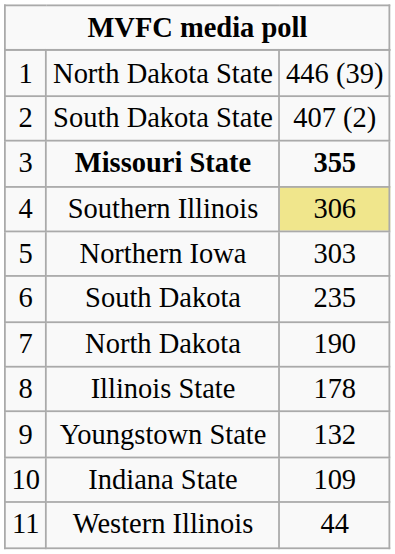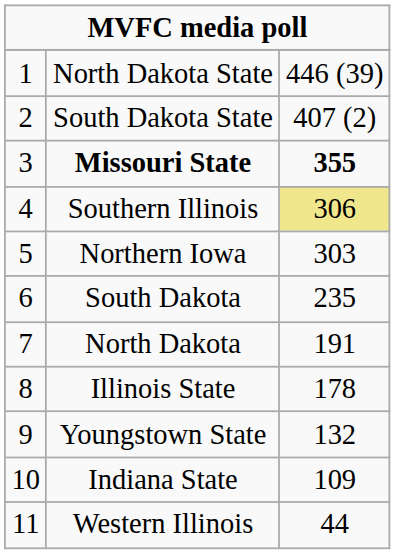 <table class="wikitable" style="display: inline-table;">
 <tr>
 <td align="center" Colspan="3"><strong>MVFC media poll</strong></td>
 </tr>
 <tr align="center">
 </tr>
 <tr align="center">
 <td>1</td>
 <td>North Dakota State</td>
 <td>446 (39)</td>
 </tr>
 <tr align="center">
 <td>2</td>
 <td>South Dakota State</td>
 <td>407 (2)</td>
 </tr>
 <tr align="center">
 <td>3</td>
 <td><strong>Missouri State</strong></td>
 <td><strong>355</strong></td>
 </tr>
 <tr align="center">
 <td>4</td>
 <td>Southern Illinois</td>
 <td style="background: khaki;">306</td>
 </tr>
 <tr align="center">
 <td>5</td>
 <td>Northern Iowa</td>
 <td>303</td>
 </tr>
 <tr align="center">
 <td>6</td>
 <td>South Dakota</td>
 <td>235</td>
 </tr>
 <tr align="center">
 <td>7</td>
 <td>North Dakota</td>
-<td>190</td>
+<td>191</td>
 </tr>
 <tr align="center">
 <td>8</td>
 <td>Illinois State</td>
 <td>178</td>
 </tr>
 <tr align="center">
 <td>9</td>
 <td>Youngstown State</td>
 <td>132</td>
 </tr>
 <tr align="center">
 <td>10</td>
 <td>Indiana State</td>
 <td>109</td>
 </tr>
 <tr align="center">
 <td>11</td>
 <td>Western Illinois</td>
 <td>44</td>
 </tr>
 </table>
